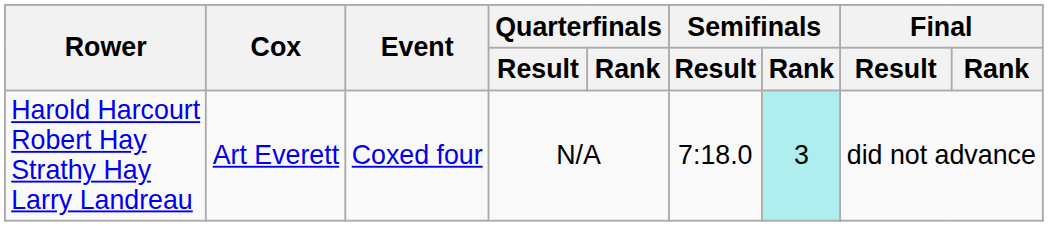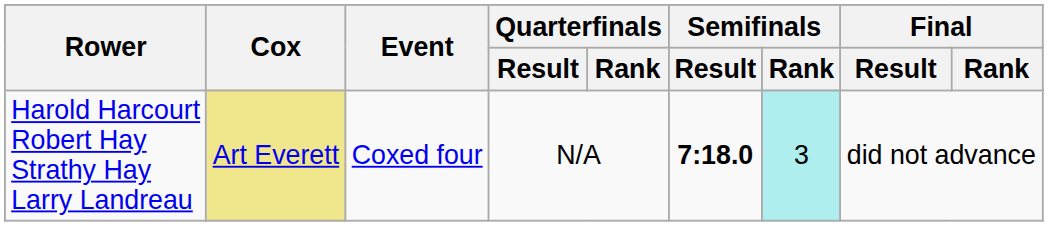 <table class=wikitable style="font-size:90%">
 <tr>
 <th rowspan=2>Rower</th>
 <th rowspan=2>Cox</th>
 <th rowspan=2>Event</th>
 <th colspan=2>Quarterfinals</th>
 <th colspan=2>Semifinals</th>
 <th colspan=2>Final</th>
 </tr>
 <tr>
 <th>Result</th>
 <th>Rank</th>
 <th>Result</th>
 <th>Rank</th>
 <th>Result</th>
 <th>Rank</th>
 </tr>
 <tr>
 <td><a href='#'>Harold Harcourt</a> <br> <a href='#'>Robert Hay</a> <br> <a href='#'>Strathy Hay</a> <br> <a href='#'>Larry Landreau</a></td>
-<td><a href='#'>Art Everett</a></td>
+<td style="background: khaki;"><a href='#'>Art Everett</a></td>
 <td><a href='#'>Coxed four</a></td>
 <td align=center colspan=2>N/A</td>
-<td align=center>7:18.0</td>
+<td align=center><strong>7:18.0</strong></td>
 <td align=center style="background: paleturquoise;">3</td>
 <td align=center colspan=2>did not advance</td>
 </tr>
 </table>
